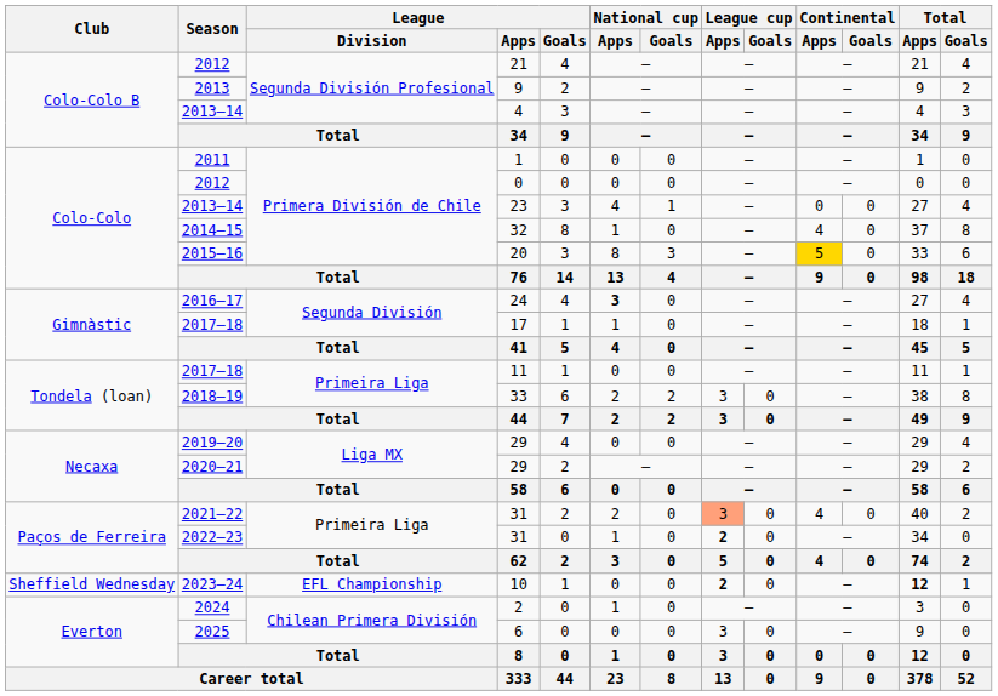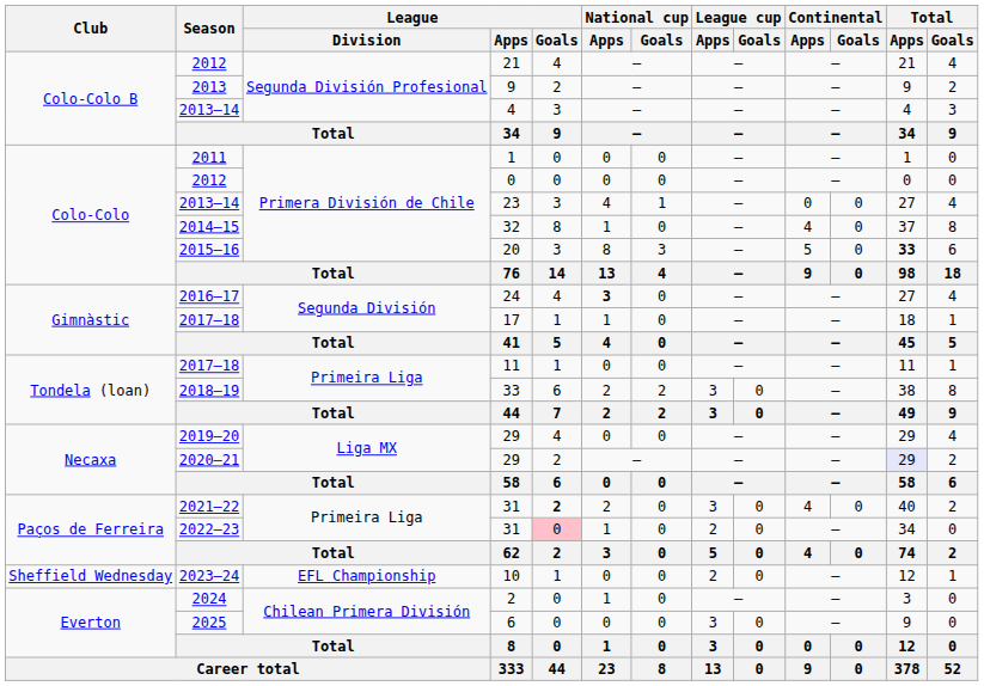 <table class="wikitable" style="text-align:center">
 <tr>
 <th rowspan="2">Club</th>
 <th rowspan="2">Season</th>
 <th colspan="3">League</th>
 <th colspan="2">National cup</th>
 <th colspan="2">League cup</th>
 <th colspan="2">Continental</th>
 <th colspan="2">Total</th>
 </tr>
 <tr>
 <th>Division</th>
 <th>Apps</th>
 <th>Goals</th>
 <th>Apps</th>
 <th>Goals</th>
 <th>Apps</th>
 <th>Goals</th>
 <th>Apps</th>
 <th>Goals</th>
 <th>Apps</th>
 <th>Goals</th>
 </tr>
 <tr>
 <td rowspan="4"><a href='#'>Colo-Colo B</a></td>
 <td><a href='#'>2012</a></td>
 <td rowspan="3"><a href='#'>Segunda División Profesional</a></td>
 <td>21</td>
 <td>4</td>
 <td colspan="2">—</td>
 <td colspan="2">—</td>
 <td colspan="2">—</td>
 <td>21</td>
 <td>4</td>
 </tr>
 <tr>
 <td><a href='#'>2013</a></td>
 <td>9</td>
 <td>2</td>
 <td colspan="2">—</td>
 <td colspan="2">—</td>
 <td colspan="2">—</td>
 <td>9</td>
 <td>2</td>
 </tr>
 <tr>
 <td><a href='#'>2013–14</a></td>
 <td>4</td>
 <td>3</td>
 <td colspan="2">—</td>
 <td colspan="2">—</td>
 <td colspan="2">—</td>
 <td>4</td>
 <td>3</td>
 </tr>
 <tr>
 <th colspan="2">Total</th>
 <th>34</th>
 <th>9</th>
 <th colspan="2">—</th>
 <th colspan="2">—</th>
 <th colspan="2">—</th>
 <th>34</th>
 <th>9</th>
 </tr>
 <tr>
 <td rowspan="6"><a href='#'>Colo-Colo</a></td>
 <td><a href='#'>2011</a></td>
 <td rowspan="5"><a href='#'>Primera División de Chile</a></td>
 <td>1</td>
 <td>0</td>
 <td>0</td>
 <td>0</td>
 <td colspan="2">—</td>
 <td colspan="2">—</td>
 <td>1</td>
 <td>0</td>
 </tr>
 <tr>
 <td><a href='#'>2012</a></td>
 <td>0</td>
 <td>0</td>
 <td>0</td>
 <td>0</td>
 <td colspan="2">—</td>
 <td colspan="2">—</td>
 <td>0</td>
 <td>0</td>
 </tr>
 <tr>
 <td><a href='#'>2013–14</a></td>
 <td>23</td>
 <td>3</td>
 <td>4</td>
 <td>1</td>
 <td colspan="2">—</td>
 <td>0</td>
 <td>0</td>
 <td>27</td>
 <td>4</td>
 </tr>
 <tr>
 <td><a href='#'>2014–15</a></td>
 <td>32</td>
 <td>8</td>
 <td>1</td>
 <td>0</td>
 <td colspan="2">—</td>
 <td>4</td>
 <td>0</td>
 <td>37</td>
 <td>8</td>
 </tr>
 <tr>
 <td><a href='#'>2015–16</a></td>
 <td>20</td>
 <td>3</td>
 <td>8</td>
 <td>3</td>
 <td colspan="2">—</td>
-<td style="background: gold;">5</td>
+<td>5</td>
 <td>0</td>
-<td>33</td>
+<td><strong>33</strong></td>
 <td>6</td>
 </tr>
 <tr>
 <th colspan="2">Total</th>
 <th>76</th>
 <th>14</th>
 <th>13</th>
 <th>4</th>
 <th colspan="2">—</th>
 <th>9</th>
 <th>0</th>
 <th>98</th>
 <th>18</th>
 </tr>
 <tr>
 <td rowspan="3"><a href='#'>Gimnàstic</a></td>
 <td><a href='#'>2016–17</a></td>
 <td rowspan="2"><a href='#'>Segunda División</a></td>
 <td>24</td>
 <td>4</td>
 <td><strong>3</strong></td>
 <td>0</td>
 <td colspan="2">—</td>
 <td colspan="2">—</td>
 <td>27</td>
 <td>4</td>
 </tr>
 <tr>
 <td><a href='#'>2017–18</a></td>
 <td>17</td>
 <td>1</td>
 <td>1</td>
 <td>0</td>
 <td colspan="2">—</td>
 <td colspan="2">—</td>
 <td>18</td>
 <td>1</td>
 </tr>
 <tr>
 <th colspan="2">Total</th>
 <th>41</th>
 <th>5</th>
 <th>4</th>
 <th>0</th>
 <th colspan="2">—</th>
 <th colspan="2">—</th>
 <th>45</th>
 <th>5</th>
 </tr>
 <tr>
 <td rowspan="3"><a href='#'>Tondela</a> (loan)</td>
 <td><a href='#'>2017–18</a></td>
 <td rowspan="2"><a href='#'>Primeira Liga</a></td>
 <td>11</td>
 <td>1</td>
 <td>0</td>
 <td>0</td>
 <td colspan="2">—</td>
 <td colspan="2">—</td>
 <td>11</td>
 <td>1</td>
 </tr>
 <tr>
 <td><a href='#'>2018–19</a></td>
 <td>33</td>
 <td>6</td>
 <td>2</td>
 <td>2</td>
 <td>3</td>
 <td>0</td>
 <td colspan="2">—</td>
 <td>38</td>
 <td>8</td>
 </tr>
 <tr>
 <th colspan="2">Total</th>
 <th>44</th>
 <th>7</th>
 <th>2</th>
 <th>2</th>
 <th>3</th>
 <th>0</th>
 <th colspan="2">—</th>
 <th>49</th>
 <th>9</th>
 </tr>
 <tr>
 <td rowspan="3"><a href='#'>Necaxa</a></td>
 <td><a href='#'>2019–20</a></td>
 <td rowspan="2"><a href='#'>Liga MX</a></td>
 <td>29</td>
 <td>4</td>
 <td>0</td>
 <td>0</td>
 <td colspan="2">—</td>
 <td colspan="2">—</td>
 <td>29</td>
 <td>4</td>
 </tr>
 <tr>
 <td><a href='#'>2020–21</a></td>
 <td>29</td>
 <td>2</td>
 <td colspan="2">—</td>
 <td colspan="2">—</td>
 <td colspan="2">—</td>
-<td>29</td>
+<td style="background: lavender;">29</td>
 <td>2</td>
 </tr>
 <tr>
 <th colspan="2">Total</th>
 <th>58</th>
 <th>6</th>
 <th>0</th>
 <th>0</th>
 <th colspan="2">—</th>
 <th colspan="2">—</th>
 <th>58</th>
 <th>6</th>
 </tr>
 <tr>
 <td rowspan="3"><a href='#'>Paços de Ferreira</a></td>
 <td><a href='#'>2021–22</a></td>
 <td rowspan="2">Primeira Liga</td>
 <td>31</td>
-<td>2</td>
+<td><strong>2</strong></td>
 <td>2</td>
 <td>0</td>
-<td style="background: lightsalmon;">3</td>
+<td>3</td>
 <td>0</td>
 <td>4</td>
 <td>0</td>
 <td>40</td>
 <td>2</td>
 </tr>
 <tr>
 <td><a href='#'>2022–23</a></td>
 <td>31</td>
-<td>0</td>
+<td style="background: pink;">0</td>
 <td>1</td>
 <td>0</td>
-<td><strong>2</strong></td>
+<td>2</td>
 <td>0</td>
 <td colspan="2">—</td>
 <td>34</td>
 <td>0</td>
 </tr>
 <tr>
 <th colspan="2">Total</th>
 <th>62</th>
 <th>2</th>
 <th>3</th>
 <th>0</th>
 <th>5</th>
 <th>0</th>
 <th>4</th>
 <th>0</th>
 <th>74</th>
 <th>2</th>
 </tr>
 <tr>
 <td><a href='#'>Sheffield Wednesday</a></td>
 <td><a href='#'>2023–24</a></td>
 <td><a href='#'>EFL Championship</a></td>
 <td>10</td>
 <td>1</td>
 <td>0</td>
 <td>0</td>
-<td><strong>2</strong></td>
+<td>2</td>
 <td>0</td>
 <td colspan="2">—</td>
-<td><strong>12</strong></td>
+<td>12</td>
 <td>1</td>
 </tr>
 <tr>
 <td rowspan="3"><a href='#'>Everton</a></td>
 <td><a href='#'>2024</a></td>
 <td rowspan="2"><a href='#'>Chilean Primera División</a></td>
 <td>2</td>
 <td>0</td>
 <td>1</td>
 <td>0</td>
 <td colspan="2">—</td>
 <td colspan="2">—</td>
 <td>3</td>
 <td>0</td>
 </tr>
 <tr>
 <td><a href='#'>2025</a></td>
 <td>6</td>
 <td>0</td>
 <td>0</td>
 <td>0</td>
 <td>3</td>
 <td>0</td>
 <td colspan="2">—</td>
 <td>9</td>
 <td>0</td>
 </tr>
 <tr>
 <th colspan="2">Total</th>
 <th>8</th>
 <th>0</th>
 <th>1</th>
 <th>0</th>
 <th>3</th>
 <th>0</th>
 <th>0</th>
 <th>0</th>
 <th>12</th>
 <th>0</th>
 </tr>
 <tr>
 <th colspan="3">Career total</th>
 <th>333</th>
 <th>44</th>
 <th>23</th>
 <th>8</th>
 <th>13</th>
 <th>0</th>
 <th>9</th>
 <th>0</th>
 <th>378</th>
 <th>52</th>
 </tr>
 </table>
